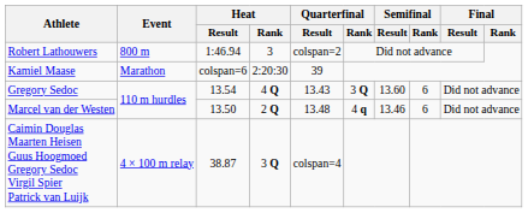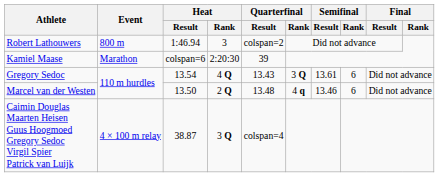 <table class=wikitable style="font-size:90%">
 <tr>
 <th rowspan="2">Athlete</th>
 <th rowspan="2">Event</th>
 <th colspan="2">Heat</th>
 <th colspan="2">Quarterfinal</th>
 <th colspan="2">Semifinal</th>
 <th colspan="2">Final</th>
 </tr>
 <tr style="font-size:95%">
 <th>Result</th>
 <th>Rank</th>
 <th>Result</th>
 <th>Rank</th>
 <th>Result</th>
 <th>Rank</th>
 <th>Result</th>
 <th>Rank</th>
 </tr>
 <tr align=center>
 <td align=left><a href='#'>Robert Lathouwers</a></td>
 <td align=left><a href='#'>800 m</a></td>
 <td>1:46.94</td>
 <td>3</td>
 <td>colspan=2 </td>
 <td colspan=4>Did not advance</td>
 </tr>
 <tr align=center>
 <td align=left><a href='#'>Kamiel Maase</a></td>
 <td align=left><a href='#'>Marathon</a></td>
 <td>colspan=6 </td>
 <td>2:20:30</td>
 <td>39</td>
 </tr>
 <tr align=center>
 <td align=left><a href='#'>Gregory Sedoc</a></td>
 <td align=left rowspan=2><a href='#'>110 m hurdles</a></td>
 <td>13.54</td>
 <td>4 <strong>Q</strong></td>
 <td>13.43</td>
 <td>3 <strong>Q</strong></td>
-<td>13.60</td>
+<td>13.61</td>
 <td>6</td>
 <td colspan=2>Did not advance</td>
 </tr>
 <tr align=center>
 <td align=left><a href='#'>Marcel van der Westen</a></td>
 <td>13.50</td>
 <td>2 <strong>Q</strong></td>
 <td>13.48</td>
 <td>4 <strong>q</strong></td>
 <td>13.46</td>
 <td>6</td>
 <td colspan=2>Did not advance</td>
 </tr>
 <tr align=center>
 <td align=left><a href='#'>Caimin Douglas</a><br><a href='#'>Maarten Heisen</a><br><a href='#'>Guus Hoogmoed</a><br><a href='#'>Gregory Sedoc</a><br><a href='#'>Virgil Spier</a><br><a href='#'>Patrick van Luijk</a></td>
 <td align=left><a href='#'>4 × 100 m relay</a></td>
 <td>38.87</td>
 <td>3 <strong>Q</strong></td>
 <td>colspan=4 </td>
 <td colspan=2></td>
 </tr>
 </table>
